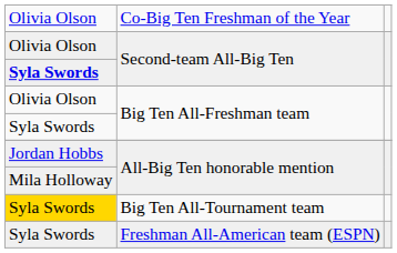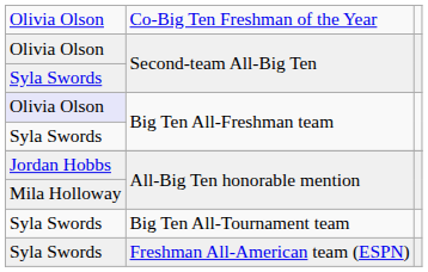 <table class="wikitable">
 <tr>
 <td><a href='#'>Olivia Olson</a></td>
 <td><a href='#'>Co-Big Ten Freshman of the Year</a></td>
 <td></td>
 </tr>
 <tr bgcolor=f0f0f0>
 <td>Olivia Olson</td>
 <td rowspan=2>Second-team All-Big Ten</td>
 <td rowspan=2></td>
 </tr>
 <tr bgcolor=f0f0f0>
-<td><strong><a href='#'>Syla Swords</a></strong></td>
+<td><a href='#'>Syla Swords</a></td>
 </tr>
 <tr>
-<td>Olivia Olson</td>
+<td style="background: lavender;">Olivia Olson</td>
 <td rowspan=2>Big Ten All-Freshman team</td>
 <td rowspan=2></td>
 </tr>
 <tr>
 <td>Syla Swords</td>
 </tr>
 <tr>
 </tr>
 <tr bgcolor=f0f0f0>
 <td><a href='#'>Jordan Hobbs</a></td>
 <td rowspan=2>All-Big Ten honorable mention</td>
 <td rowspan=2></td>
 </tr>
 <tr bgcolor=f0f0f0>
 <td>Mila Holloway</td>
 </tr>
 <tr>
-<td style="background: gold;">Syla Swords</td>
+<td>Syla Swords</td>
 <td>Big Ten All-Tournament team</td>
 <td></td>
 </tr>
 <tr bgcolor=f0f0f0>
 <td>Syla Swords</td>
 <td><a href='#'>Freshman All-American</a> team (<a href='#'>ESPN</a>)</td>
 <td></td>
 </tr>
 </table>
